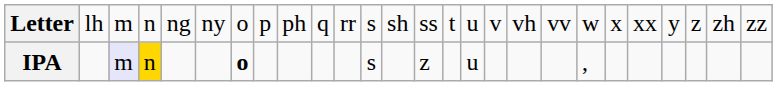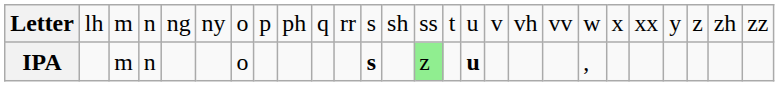 <table class="wikitable">
 <tr>
 <th>Letter</th>
 <td>lh</td>
 <td>m</td>
 <td>n</td>
 <td>ng</td>
 <td>ny</td>
 <td>o</td>
 <td>p</td>
 <td>ph</td>
 <td>q</td>
 <td>rr</td>
 <td>s</td>
 <td>sh</td>
 <td>ss</td>
 <td>t</td>
 <td>u</td>
 <td>v</td>
 <td>vh</td>
 <td>vv</td>
 <td>w</td>
 <td>x</td>
 <td>xx</td>
 <td>y</td>
 <td>z</td>
 <td>zh</td>
 <td>zz</td>
 </tr>
 <tr>
 <th>IPA</th>
 <td></td>
-<td style="background: lavender;">m</td>
-<td style="background: gold;">n</td>
+<td>m</td>
+<td>n</td>
 <td></td>
 <td></td>
-<td><strong>o</strong></td>
+<td>o</td>
 <td></td>
 <td></td>
 <td></td>
 <td></td>
-<td>s</td>
+<td><strong>s</strong></td>
 <td></td>
-<td>z</td>
+<td style="background: lightgreen;">z</td>
 <td></td>
-<td>u</td>
+<td><strong>u</strong></td>
 <td></td>
 <td></td>
 <td></td>
 <td>, </td>
 <td></td>
 <td></td>
 <td></td>
 <td></td>
 <td></td>
 <td></td>
 </tr>
 </table>
